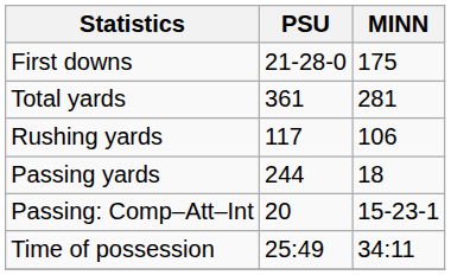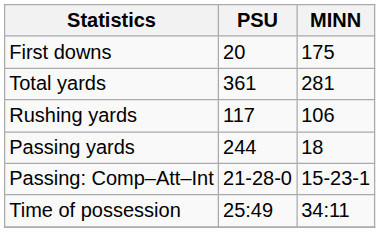 <table class="wikitable" style="float: left;">
 <tr>
 <th>Statistics</th>
 <th>PSU</th>
 <th>MINN</th>
 </tr>
 <tr>
 <td>First downs</td>
-<td>21-28-0</td>
+<td>20</td>
 <td>175</td>
 </tr>
 <tr>
 <td>Total yards</td>
 <td>361</td>
 <td>281</td>
 </tr>
 <tr>
 <td>Rushing yards</td>
 <td>117</td>
 <td>106</td>
 </tr>
 <tr>
 <td>Passing yards</td>
 <td>244</td>
 <td>18</td>
 </tr>
 <tr>
 <td>Passing: Comp–Att–Int</td>
-<td>20</td>
+<td>21-28-0</td>
 <td>15-23-1</td>
 </tr>
 <tr>
 <td>Time of possession</td>
 <td>25:49</td>
 <td>34:11</td>
 </tr>
 <tr>
 </tr>
 </table>
